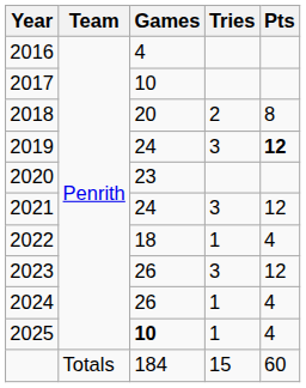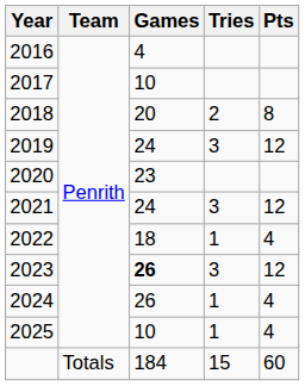 <table class="wikitable">
 <tr>
 <th>Year</th>
 <th>Team</th>
 <th>Games</th>
 <th>Tries</th>
 <th>Pts</th>
 </tr>
 <tr>
 <td>2016</td>
 <td rowspan="10"> <a href='#'>Penrith</a></td>
 <td>4</td>
 <td></td>
 <td></td>
 </tr>
 <tr>
 <td>2017</td>
 <td>10</td>
 <td></td>
 <td></td>
 </tr>
 <tr>
 <td>2018</td>
 <td>20</td>
 <td>2</td>
 <td>8</td>
 </tr>
 <tr>
 <td>2019</td>
 <td>24</td>
 <td>3</td>
-<td><strong>12</strong></td>
+<td>12</td>
 </tr>
 <tr>
 <td>2020</td>
 <td>23</td>
 <td></td>
 <td></td>
 </tr>
 <tr>
 <td>2021</td>
 <td>24</td>
 <td>3</td>
 <td>12</td>
 </tr>
 <tr>
 <td>2022</td>
 <td>18</td>
 <td>1</td>
 <td>4</td>
 </tr>
 <tr>
 <td>2023</td>
-<td>26</td>
+<td><strong>26</strong></td>
 <td>3</td>
 <td>12</td>
 </tr>
 <tr>
 <td>2024</td>
 <td>26</td>
 <td>1</td>
 <td>4</td>
 </tr>
 <tr>
 <td>2025</td>
-<td><strong>10</strong></td>
+<td>10</td>
 <td>1</td>
 <td>4</td>
 </tr>
 <tr>
 <td></td>
 <td>Totals</td>
 <td>184</td>
 <td>15</td>
 <td>60</td>
 </tr>
 </table>
